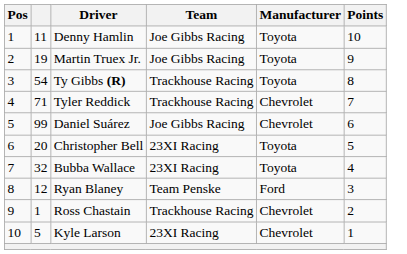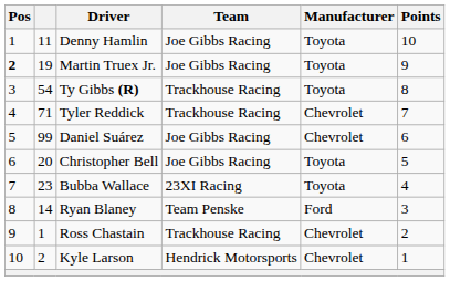 <table class="wikitable" style="font-size:98%">
 <tr>
 <th>Pos</th>
 <th></th>
 <th>Driver</th>
 <th>Team</th>
 <th>Manufacturer</th>
 <th>Points</th>
 </tr>
 <tr>
 <td>1</td>
 <td>11</td>
 <td>Denny Hamlin</td>
 <td>Joe Gibbs Racing</td>
 <td>Toyota</td>
 <td>10</td>
 </tr>
 <tr>
-<td>2</td>
+<td><strong>2</strong></td>
 <td>19</td>
 <td>Martin Truex Jr.</td>
 <td>Joe Gibbs Racing</td>
 <td>Toyota</td>
 <td>9</td>
 </tr>
 <tr>
 <td>3</td>
 <td>54</td>
 <td>Ty Gibbs <strong>(R)</strong></td>
 <td>Trackhouse Racing</td>
 <td>Toyota</td>
 <td>8</td>
 </tr>
 <tr>
 <td>4</td>
 <td>71</td>
 <td>Tyler Reddick</td>
 <td>Trackhouse Racing</td>
 <td>Chevrolet</td>
 <td>7</td>
 </tr>
 <tr>
 <td>5</td>
 <td>99</td>
 <td>Daniel Suárez</td>
 <td>Joe Gibbs Racing</td>
 <td>Chevrolet</td>
 <td>6</td>
 </tr>
 <tr>
 <td>6</td>
 <td>20</td>
 <td>Christopher Bell</td>
-<td>23XI Racing</td>
+<td>Joe Gibbs Racing</td>
 <td>Toyota</td>
 <td>5</td>
 </tr>
 <tr>
 <td>7</td>
-<td>32</td>
+<td>23</td>
 <td>Bubba Wallace</td>
 <td>23XI Racing</td>
 <td>Toyota</td>
 <td>4</td>
 </tr>
 <tr>
 <td>8</td>
-<td>12</td>
+<td>14</td>
 <td>Ryan Blaney</td>
 <td>Team Penske</td>
 <td>Ford</td>
 <td>3</td>
 </tr>
 <tr>
 <td>9</td>
 <td>1</td>
 <td>Ross Chastain</td>
 <td>Trackhouse Racing</td>
 <td>Chevrolet</td>
 <td>2</td>
 </tr>
 <tr>
 <td>10</td>
-<td>5</td>
+<td>2</td>
 <td>Kyle Larson</td>
-<td>23XI Racing</td>
+<td>Hendrick Motorsports</td>
 <td>Chevrolet</td>
 <td>1</td>
 </tr>
 <tr>
 <th colspan="6"></th>
 </tr>
 </table>
